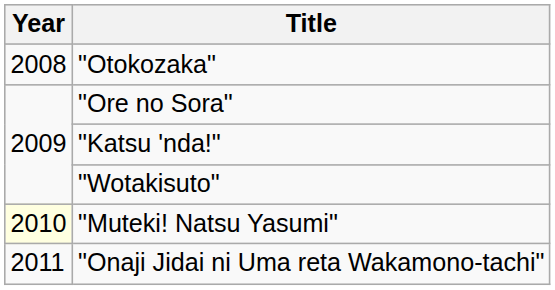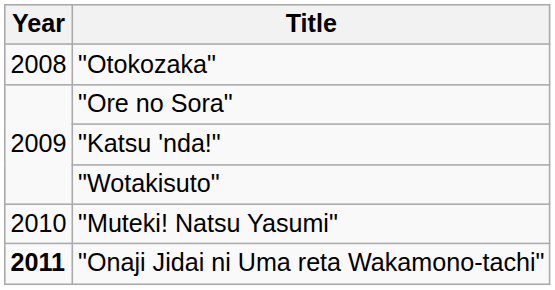 <table class="wikitable">
 <tr>
 <th>Year</th>
 <th>Title</th>
 </tr>
 <tr>
 <td>2008</td>
 <td>"Otokozaka"</td>
 </tr>
 <tr>
 <td rowspan="3">2009</td>
 <td>"Ore no Sora"</td>
 </tr>
 <tr>
 <td>"Katsu 'nda!"</td>
 </tr>
 <tr>
 <td>"Wotakisuto"</td>
 </tr>
 <tr>
-<td style="background: lightyellow;">2010</td>
+<td>2010</td>
 <td>"Muteki! Natsu Yasumi"</td>
 </tr>
 <tr>
-<td>2011</td>
+<td><strong>2011</strong></td>
 <td>"Onaji Jidai ni Uma reta Wakamono-tachi"</td>
 </tr>
 </table>
